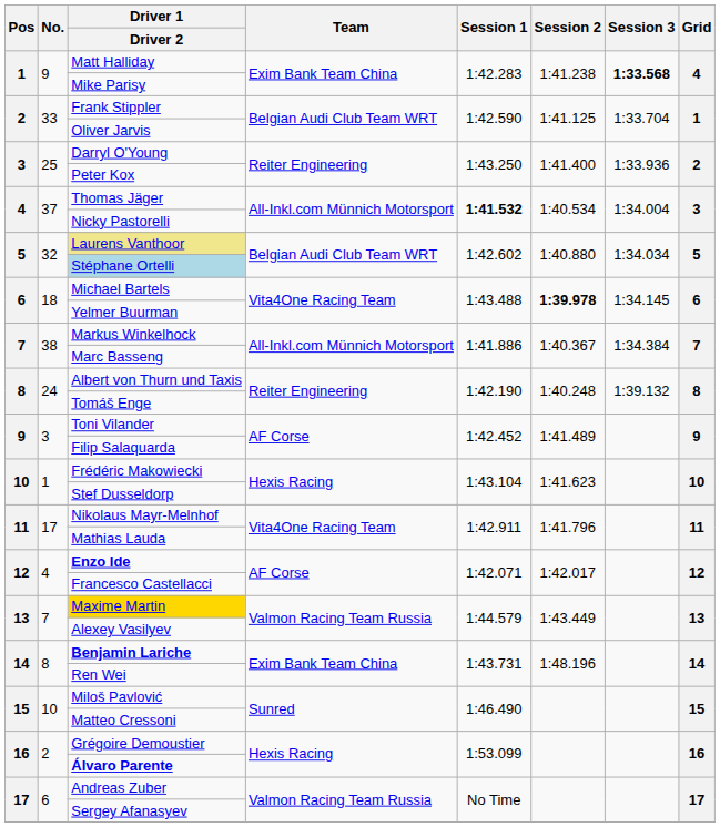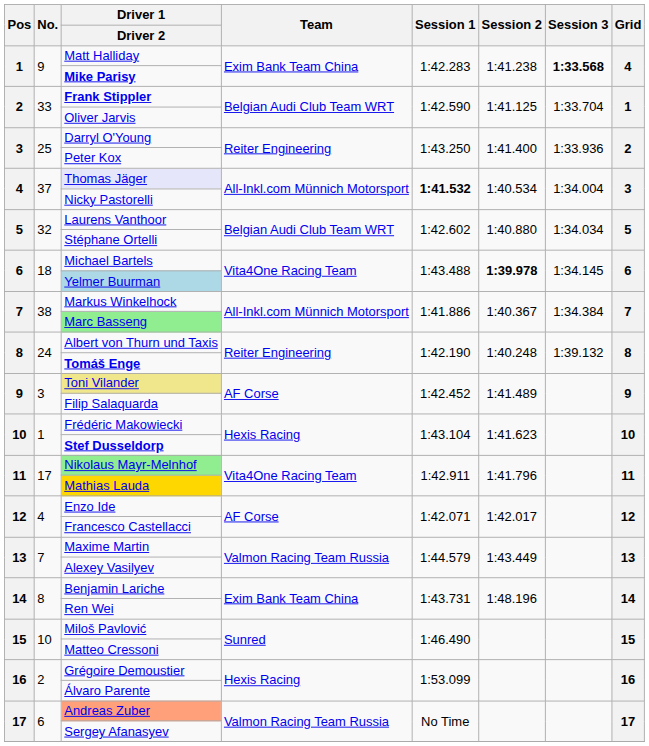 <table class="wikitable" style="font-size: 90%;">
 <tr>
 <th rowspan=2>Pos</th>
 <th rowspan=2>No.</th>
 <th>Driver 1</th>
 <th rowspan=2>Team</th>
 <th rowspan=2>Session 1</th>
 <th rowspan=2>Session 2</th>
 <th rowspan=2>Session 3</th>
 <th rowspan=2>Grid</th>
 </tr>
 <tr>
 <th>Driver 2</th>
 </tr>
 <tr>
 <th rowspan=2>1</th>
 <td rowspan=2>9</td>
 <td> <a href='#'>Matt Halliday</a></td>
 <td rowspan=2> <a href='#'>Exim Bank Team China</a></td>
 <td rowspan=2 align="center">1:42.283</td>
 <td rowspan=2 align="center">1:41.238</td>
 <td rowspan=2 align="center"><strong>1:33.568</strong></td>
 <th rowspan=2>4</th>
 </tr>
 <tr>
-<td> <a href='#'>Mike Parisy</a></td>
+<td><strong> <a href='#'>Mike Parisy</a></strong></td>
 </tr>
 <tr>
 <th rowspan=2>2</th>
 <td rowspan=2>33</td>
-<td> <a href='#'>Frank Stippler</a></td>
+<td><strong> <a href='#'>Frank Stippler</a></strong></td>
 <td rowspan=2> <a href='#'>Belgian Audi Club Team WRT</a></td>
 <td rowspan=2 align="center">1:42.590</td>
 <td rowspan=2 align="center">1:41.125</td>
 <td rowspan=2 align="center">1:33.704</td>
 <th rowspan=2>1</th>
 </tr>
 <tr>
 <td> <a href='#'>Oliver Jarvis</a></td>
 </tr>
 <tr>
 <th rowspan=2>3</th>
 <td rowspan=2>25</td>
 <td> <a href='#'>Darryl O'Young</a></td>
 <td rowspan=2> <a href='#'>Reiter Engineering</a></td>
 <td rowspan=2 align="center">1:43.250</td>
 <td rowspan=2 align="center">1:41.400</td>
 <td rowspan=2 align="center">1:33.936</td>
 <th rowspan=2>2</th>
 </tr>
 <tr>
 <td> <a href='#'>Peter Kox</a></td>
 </tr>
 <tr>
 <th rowspan=2>4</th>
 <td rowspan=2>37</td>
-<td> <a href='#'>Thomas Jäger</a></td>
+<td style="background: lavender;"> <a href='#'>Thomas Jäger</a></td>
 <td rowspan=2> <a href='#'>All-Inkl.com Münnich Motorsport</a></td>
 <td rowspan=2 align="center"><strong>1:41.532</strong></td>
 <td rowspan=2 align="center">1:40.534</td>
 <td rowspan=2 align="center">1:34.004</td>
 <th rowspan=2>3</th>
 </tr>
 <tr>
 <td> <a href='#'>Nicky Pastorelli</a></td>
 </tr>
 <tr>
 <th rowspan=2>5</th>
 <td rowspan=2>32</td>
-<td style="background: khaki;"> <a href='#'>Laurens Vanthoor</a></td>
+<td> <a href='#'>Laurens Vanthoor</a></td>
 <td rowspan=2> <a href='#'>Belgian Audi Club Team WRT</a></td>
 <td rowspan=2 align="center">1:42.602</td>
 <td rowspan=2 align="center">1:40.880</td>
 <td rowspan=2 align="center">1:34.034</td>
 <th rowspan=2>5</th>
 </tr>
 <tr>
-<td style="background: lightblue;"> <a href='#'>Stéphane Ortelli</a></td>
+<td> <a href='#'>Stéphane Ortelli</a></td>
 </tr>
 <tr>
 <th rowspan=2>6</th>
 <td rowspan=2>18</td>
 <td> <a href='#'>Michael Bartels</a></td>
 <td rowspan=2> <a href='#'>Vita4One Racing Team</a></td>
 <td rowspan=2 align="center">1:43.488</td>
 <td rowspan=2 align="center"><strong>1:39.978</strong></td>
 <td rowspan=2 align="center">1:34.145</td>
 <th rowspan=2>6</th>
 </tr>
 <tr>
-<td> <a href='#'>Yelmer Buurman</a></td>
+<td style="background: lightblue;"> <a href='#'>Yelmer Buurman</a></td>
 </tr>
 <tr>
 <th rowspan=2>7</th>
 <td rowspan=2>38</td>
 <td> <a href='#'>Markus Winkelhock</a></td>
 <td rowspan=2> <a href='#'>All-Inkl.com Münnich Motorsport</a></td>
 <td rowspan=2 align="center">1:41.886</td>
 <td rowspan=2 align="center">1:40.367</td>
 <td rowspan=2 align="center">1:34.384</td>
 <th rowspan=2>7</th>
 </tr>
 <tr>
-<td> <a href='#'>Marc Basseng</a></td>
+<td style="background: lightgreen;"> <a href='#'>Marc Basseng</a></td>
 </tr>
 <tr>
 <th rowspan=2>8</th>
 <td rowspan=2>24</td>
 <td> <a href='#'>Albert von Thurn und Taxis</a></td>
 <td rowspan=2> <a href='#'>Reiter Engineering</a></td>
 <td rowspan=2 align="center">1:42.190</td>
 <td rowspan=2 align="center">1:40.248</td>
 <td rowspan=2 align="center">1:39.132</td>
 <th rowspan=2>8</th>
 </tr>
 <tr>
-<td> <a href='#'>Tomáš Enge</a></td>
+<td><strong> <a href='#'>Tomáš Enge</a></strong></td>
 </tr>
 <tr>
 <th rowspan=2>9</th>
 <td rowspan=2>3</td>
-<td> <a href='#'>Toni Vilander</a></td>
+<td style="background: khaki;"> <a href='#'>Toni Vilander</a></td>
 <td rowspan=2> <a href='#'>AF Corse</a></td>
 <td rowspan=2 align="center">1:42.452</td>
 <td rowspan=2 align="center">1:41.489</td>
 <td rowspan=2 align="center"></td>
 <th rowspan=2>9</th>
 </tr>
 <tr>
 <td> <a href='#'>Filip Salaquarda</a></td>
 </tr>
 <tr>
 <th rowspan=2>10</th>
 <td rowspan=2>1</td>
 <td> <a href='#'>Frédéric Makowiecki</a></td>
 <td rowspan=2> <a href='#'>Hexis Racing</a></td>
 <td rowspan=2 align="center">1:43.104</td>
 <td rowspan=2 align="center">1:41.623</td>
 <td rowspan=2 align="center"></td>
 <th rowspan=2>10</th>
 </tr>
 <tr>
-<td> <a href='#'>Stef Dusseldorp</a></td>
+<td><strong> <a href='#'>Stef Dusseldorp</a></strong></td>
 </tr>
 <tr>
 <th rowspan=2>11</th>
 <td rowspan=2>17</td>
-<td> <a href='#'>Nikolaus Mayr-Melnhof</a></td>
+<td style="background: lightgreen;"> <a href='#'>Nikolaus Mayr-Melnhof</a></td>
 <td rowspan=2> <a href='#'>Vita4One Racing Team</a></td>
 <td rowspan=2 align="center">1:42.911</td>
 <td rowspan=2 align="center">1:41.796</td>
 <td rowspan=2 align="center"></td>
 <th rowspan=2>11</th>
 </tr>
 <tr>
-<td> <a href='#'>Mathias Lauda</a></td>
+<td style="background: gold;"> <a href='#'>Mathias Lauda</a></td>
 </tr>
 <tr>
 <th rowspan=2>12</th>
 <td rowspan=2>4</td>
-<td><strong> <a href='#'>Enzo Ide</a></strong></td>
+<td> <a href='#'>Enzo Ide</a></td>
 <td rowspan=2> <a href='#'>AF Corse</a></td>
 <td rowspan=2 align="center">1:42.071</td>
 <td rowspan=2 align="center">1:42.017</td>
 <td rowspan=2 align="center"></td>
 <th rowspan=2>12</th>
 </tr>
 <tr>
 <td> <a href='#'>Francesco Castellacci</a></td>
 </tr>
 <tr>
 <th rowspan=2>13</th>
 <td rowspan=2>7</td>
-<td style="background: gold;"> <a href='#'>Maxime Martin</a></td>
+<td> <a href='#'>Maxime Martin</a></td>
 <td rowspan=2> <a href='#'>Valmon Racing Team Russia</a></td>
 <td rowspan=2 align="center">1:44.579</td>
 <td rowspan=2 align="center">1:43.449</td>
 <td rowspan=2 align="center"></td>
 <th rowspan=2>13</th>
 </tr>
 <tr>
 <td> <a href='#'>Alexey Vasilyev</a></td>
 </tr>
 <tr>
 <th rowspan=2>14</th>
 <td rowspan=2>8</td>
-<td><strong> <a href='#'>Benjamin Lariche</a></strong></td>
+<td> <a href='#'>Benjamin Lariche</a></td>
 <td rowspan=2> <a href='#'>Exim Bank Team China</a></td>
 <td rowspan=2 align="center">1:43.731</td>
 <td rowspan=2 align="center">1:48.196</td>
 <td rowspan=2 align="center"></td>
 <th rowspan=2>14</th>
 </tr>
 <tr>
 <td> <a href='#'>Ren Wei</a></td>
 </tr>
 <tr>
 <th rowspan=2>15</th>
 <td rowspan=2>10</td>
 <td> <a href='#'>Miloš Pavlović</a></td>
 <td rowspan=2> <a href='#'>Sunred</a></td>
 <td rowspan=2 align="center">1:46.490</td>
 <td rowspan=2 align="center"></td>
 <td rowspan=2 align="center"></td>
 <th rowspan=2>15</th>
 </tr>
 <tr>
 <td> <a href='#'>Matteo Cressoni</a></td>
 </tr>
 <tr>
 <th rowspan=2>16</th>
 <td rowspan=2>2</td>
 <td> <a href='#'>Grégoire Demoustier</a></td>
 <td rowspan=2> <a href='#'>Hexis Racing</a></td>
 <td rowspan=2 align="center">1:53.099</td>
 <td rowspan=2 align="center"></td>
 <td rowspan=2 align="center"></td>
 <th rowspan=2>16</th>
 </tr>
 <tr>
-<td><strong> <a href='#'>Álvaro Parente</a></strong></td>
+<td> <a href='#'>Álvaro Parente</a></td>
 </tr>
 <tr>
 <th rowspan=2>17</th>
 <td rowspan=2>6</td>
-<td> <a href='#'>Andreas Zuber</a></td>
+<td style="background: lightsalmon;"> <a href='#'>Andreas Zuber</a></td>
 <td rowspan=2> <a href='#'>Valmon Racing Team Russia</a></td>
 <td rowspan=2 align="center">No Time</td>
 <td rowspan=2 align="center"></td>
 <td rowspan=2 align="center"></td>
 <th rowspan=2>17</th>
 </tr>
 <tr>
 <td> <a href='#'>Sergey Afanasyev</a></td>
 </tr>
 <tr>
 </tr>
 </table>
